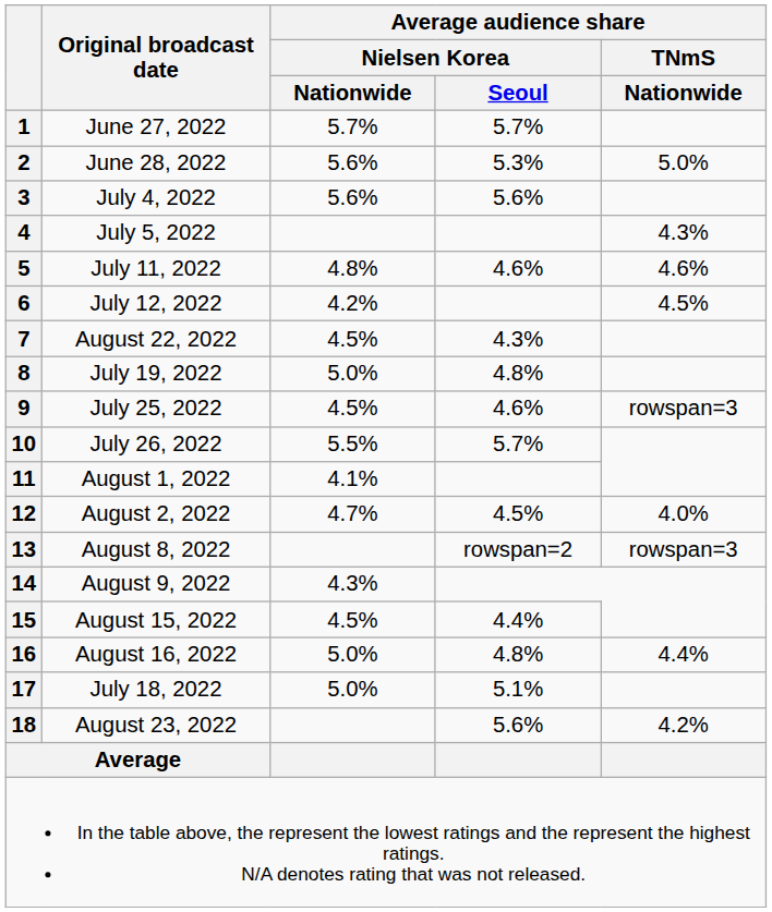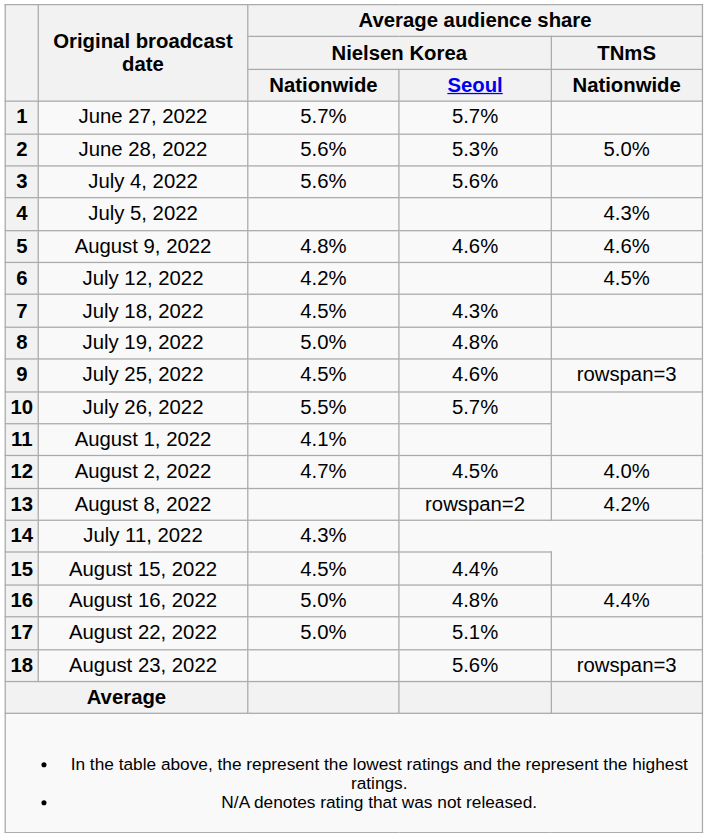 <table class="wikitable" style="text-align:center; max-width:550px; margin-left:auto; margin-right:auto">
 <tr>
 <th scope="col" rowspan="3"></th>
 <th scope="col" rowspan="3">Original broadcast date</th>
 <th scope="col" colspan="3">Average audience share</th>
 </tr>
 <tr>
 <th scope="col" colspan="2">Nielsen Korea</th>
 <th scope="col">TNmS</th>
 </tr>
 <tr>
 <th scope="col" style="width:7em">Nationwide</th>
 <th scope="col" style="width:7em"><a href='#'>Seoul</a></th>
 <th scope="col" style="width:7em">Nationwide</th>
 </tr>
 <tr>
 <th scope="col">1</th>
 <td>June 27, 2022</td>
 <td>5.7% </td>
 <td>5.7% </td>
 <td> </td>
 </tr>
 <tr>
 <th scope="col">2</th>
 <td>June 28, 2022</td>
 <td>5.6% </td>
 <td>5.3% </td>
 <td>5.0% </td>
 </tr>
 <tr>
 <th scope="col">3</th>
 <td>July 4, 2022</td>
 <td>5.6% </td>
 <td>5.6% </td>
 <td></td>
 </tr>
 <tr>
 <th scope="col">4</th>
 <td>July 5, 2022</td>
 <td> </td>
 <td> </td>
 <td>4.3% </td>
 </tr>
 <tr>
 <th scope="col">5</th>
-<td>July 11, 2022</td>
+<td>August 9, 2022</td>
 <td>4.8% </td>
 <td>4.6% </td>
 <td>4.6% </td>
 </tr>
 <tr>
 <th scope="col">6</th>
 <td>July 12, 2022</td>
 <td>4.2% </td>
 <td> </td>
 <td>4.5% </td>
 </tr>
 <tr>
 <th scope="col">7</th>
-<td>August 22, 2022</td>
+<td>July 18, 2022</td>
 <td>4.5% </td>
 <td>4.3% </td>
 <td></td>
 </tr>
 <tr>
 <th scope="col">8</th>
 <td>July 19, 2022</td>
 <td>5.0% </td>
 <td>4.8% </td>
 <td>  </td>
 </tr>
 <tr>
 <th scope="col">9</th>
 <td>July 25, 2022</td>
 <td>4.5% </td>
 <td>4.6% </td>
 <td>rowspan=3 </td>
 </tr>
 <tr>
 <th scope="col">10</th>
 <td>July 26, 2022</td>
 <td>5.5% </td>
 <td>5.7% </td>
 </tr>
 <tr>
 <th scope="col">11</th>
 <td>August 1, 2022</td>
 <td>4.1% </td>
 <td> </td>
 </tr>
 <tr>
 <th scope="col">12</th>
 <td>August 2, 2022</td>
 <td>4.7% </td>
 <td>4.5% </td>
 <td>4.0% </td>
 </tr>
 <tr>
 <th scope="col">13</th>
 <td>August 8, 2022</td>
 <td> </td>
 <td>rowspan=2 </td>
-<td>rowspan=3 </td>
+<td>4.2% </td>
 </tr>
 <tr>
 <th scope="col">14</th>
-<td>August 9, 2022</td>
+<td>July 11, 2022</td>
 <td>4.3% </td>
 </tr>
 <tr>
 <th scope="col">15</th>
 <td>August 15, 2022</td>
 <td>4.5% </td>
 <td>4.4% </td>
 </tr>
 <tr>
 <th scope="col">16</th>
 <td>August 16, 2022</td>
 <td>5.0% </td>
 <td>4.8% </td>
 <td>4.4%  </td>
 </tr>
 <tr>
 <th scope="col">17</th>
-<td>July 18, 2022</td>
+<td>August 22, 2022</td>
 <td>5.0% </td>
 <td>5.1% </td>
 <td></td>
 </tr>
 <tr>
 <th scope="col">18</th>
 <td>August 23, 2022</td>
 <td> </td>
 <td>5.6% </td>
-<td>4.2% </td>
+<td>rowspan=3 </td>
 </tr>
 <tr>
 <th scope="col" colspan="2">Average</th>
 <th scope="col"></th>
 <th scope="col"></th>
 <th scope="col"></th>
 </tr>
 <tr>
 <td colspan="5" style="font-size:85%"><br><ul><li>In the table above, the <strong></strong> represent the lowest ratings and the <strong></strong> represent the highest ratings.</li><li>N/A denotes rating that was not released.</li></ul></td>
 </tr>
 </table>
